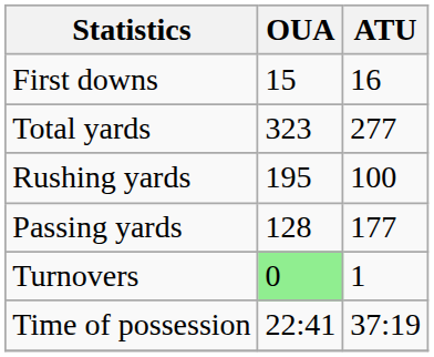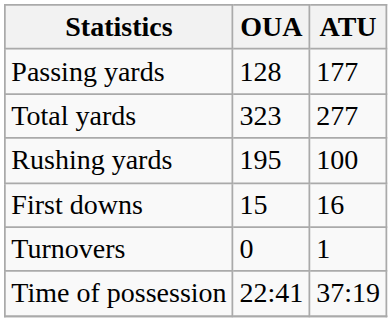 <table class="wikitable" style="float: left;">
 <tr>
 <th>Statistics</th>
 <th>OUA</th>
 <th>ATU</th>
 </tr>
 <tr>
-<td>First downs</td>
-<td>15</td>
-<td>16</td>
+<td>Passing yards</td>
+<td>128</td>
+<td>177</td>
 </tr>
 <tr>
 <td>Total yards</td>
 <td>323</td>
 <td>277</td>
 </tr>
 <tr>
 <td>Rushing yards</td>
 <td>195</td>
 <td>100</td>
 </tr>
 <tr>
-<td>Passing yards</td>
-<td>128</td>
-<td>177</td>
+<td>First downs</td>
+<td>15</td>
+<td>16</td>
 </tr>
 <tr>
 <td>Turnovers</td>
-<td style="background: lightgreen;">0</td>
+<td>0</td>
 <td>1</td>
 </tr>
 <tr>
 <td>Time of possession</td>
 <td>22:41</td>
 <td>37:19</td>
 </tr>
 <tr>
 </tr>
 </table>
